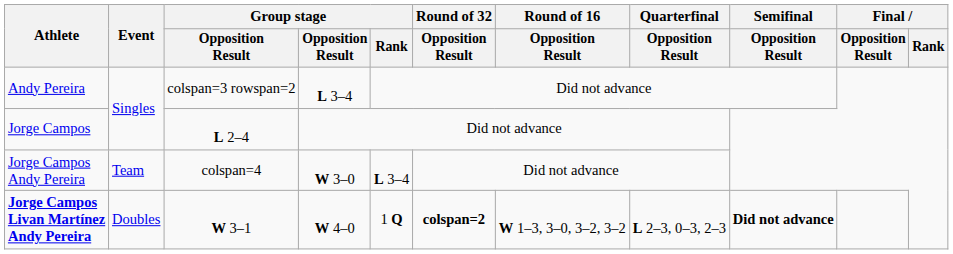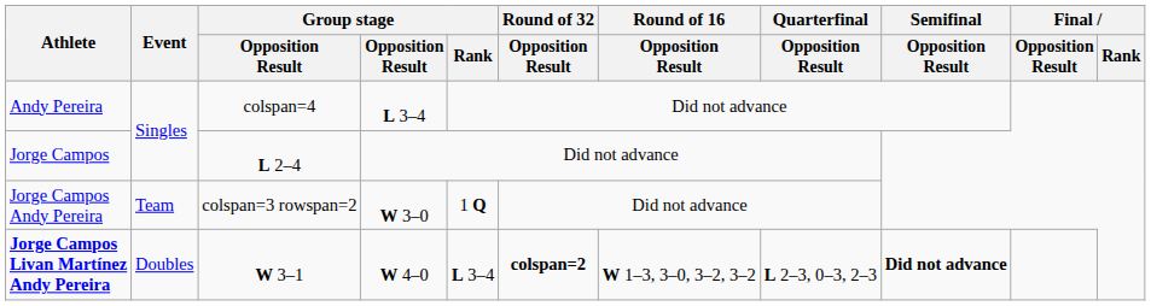 <table class=wikitable style=font-size:90%;text-align:center>
 <tr>
 <th rowspan=2>Athlete</th>
 <th rowspan=2>Event</th>
 <th colspan=3>Group stage</th>
 <th>Round of 32</th>
 <th>Round of 16</th>
 <th>Quarterfinal</th>
 <th>Semifinal</th>
 <th colspan=2>Final / </th>
 </tr>
 <tr style=font-size:95%>
 <th>Opposition<br>Result</th>
 <th>Opposition<br>Result</th>
 <th>Rank</th>
 <th>Opposition<br>Result</th>
 <th>Opposition<br>Result</th>
 <th>Opposition<br>Result</th>
 <th>Opposition<br>Result</th>
 <th>Opposition<br>Result</th>
 <th>Rank</th>
 </tr>
 <tr>
 <td align=left><a href='#'>Andy Pereira</a></td>
 <td align=left rowspan=2><a href='#'>Singles</a></td>
-<td>colspan=3 rowspan=2 </td>
+<td>colspan=4 </td>
 <td><br><strong>L</strong> 3–4</td>
 <td colspan=5>Did not advance</td>
 </tr>
 <tr>
 <td align=left><a href='#'>Jorge Campos</a></td>
 <td><br><strong>L</strong> 2–4</td>
 <td colspan=5>Did not advance</td>
 </tr>
 <tr>
 <td align=left><a href='#'>Jorge Campos</a><br><a href='#'>Andy Pereira</a></td>
 <td align=left><a href='#'>Team</a></td>
-<td>colspan=4 </td>
+<td>colspan=3 rowspan=2 </td>
 <td><br><strong>W</strong> 3–0</td>
-<td><br><strong>L</strong> 3–4</td>
+<td>1 <strong>Q</strong></td>
 <td colspan=3>Did not advance</td>
 </tr>
 <tr>
 <td align=left><strong><a href='#'>Jorge Campos</a><br><a href='#'>Livan Martínez</a><br><a href='#'>Andy Pereira</a></strong></td>
 <td align=left><a href='#'>Doubles</a></td>
 <td><br><strong>W</strong> 3–1</td>
 <td><br><strong>W</strong> 4–0</td>
-<td>1 <strong>Q</strong></td>
+<td><br><strong>L</strong> 3–4</td>
 <td><strong>colspan=2 </strong></td>
 <td><br><strong>W</strong> 1–3, 3–0, 3–2, 3–2</td>
 <td><br><strong>L</strong> 2–3, 0–3, 2–3</td>
 <td><strong>Did not advance</strong></td>
 <td></td>
 </tr>
 </table>
